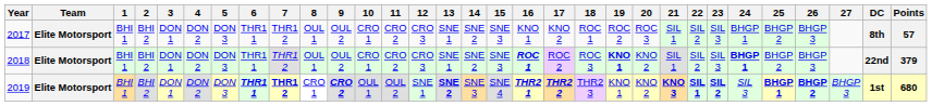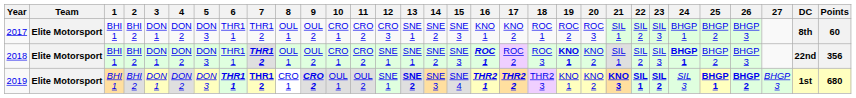 <table class="wikitable" style="text-align:center; font-size:85%">
 <tr>
 <th>Year</th>
 <th>Team</th>
 <th>1</th>
 <th>2</th>
 <th>3</th>
 <th>4</th>
 <th>5</th>
 <th>6</th>
 <th>7</th>
 <th>8</th>
 <th>9</th>
 <th>10</th>
 <th>11</th>
 <th>12</th>
 <th>13</th>
 <th>14</th>
 <th>15</th>
 <th>16</th>
 <th>17</th>
 <th>18</th>
 <th>19</th>
 <th>20</th>
 <th>21</th>
 <th>22</th>
 <th>23</th>
 <th>24</th>
 <th>25</th>
 <th>26</th>
 <th>27</th>
 <th>DC</th>
 <th>Points</th>
 </tr>
 <tr>
 <td><a href='#'>2017</a></td>
 <th nowrap>Elite Motorsport</th>
 <td style="background:#;"><a href='#'>BHI<br>1</a><br></td>
 <td style="background:#;"><a href='#'>BHI<br>2</a><br></td>
 <td style="background:#;"><a href='#'>DON<br>1</a><br></td>
 <td style="background:#;"><a href='#'>DON<br>2</a><br></td>
 <td style="background:#;"><a href='#'>DON<br>3</a><br></td>
 <td style="background:#;"><a href='#'>THR1<br>1</a><br></td>
 <td style="background:#;"><a href='#'>THR1<br>2</a><br></td>
 <td style="background:#;"><a href='#'>OUL<br>1</a><br></td>
 <td style="background:#;"><a href='#'>OUL<br>2</a><br></td>
 <td style="background:#;"><a href='#'>CRO<br>1</a><br></td>
 <td style="background:#;"><a href='#'>CRO<br>2</a><br></td>
 <td style="background:#;"><a href='#'>CRO<br>3</a><br></td>
 <td style="background:#;"><a href='#'>SNE<br>1</a><br></td>
 <td style="background:#;"><a href='#'>SNE<br>2</a><br></td>
 <td style="background:#;"><a href='#'>SNE<br>3</a><br></td>
 <td style="background:#;"><a href='#'>KNO<br>1</a><br></td>
 <td style="background:#;"><a href='#'>KNO<br>2</a><br></td>
 <td style="background:#;"><a href='#'>ROC<br>1</a><br></td>
 <td style="background:#;"><a href='#'>ROC<br>2</a><br></td>
 <td style="background:#;"><a href='#'>ROC<br>3</a><br></td>
 <td style="background:#DFFFDF;"><a href='#'>SIL<br>1</a><br></td>
 <td style="background:#DFFFDF;"><a href='#'>SIL<br>2</a><br></td>
 <td style="background:#DFFFDF;"><a href='#'>SIL<br>3</a><br></td>
 <td style="background:#DFFFDF;"><a href='#'>BHGP<br>1</a><br></td>
 <td style="background:#DFFFDF;"><a href='#'>BHGP<br>2</a><br></td>
 <td style="background:#DFFFDF;"><a href='#'>BHGP<br>3</a><br></td>
 <td></td>
 <th>8th</th>
-<th>57</th>
+<th>60</th>
 </tr>
 <tr>
 <td><a href='#'>2018</a></td>
 <th nowrap>Elite Motorsport</th>
 <td style="background:#DFFFDF;"><a href='#'>BHI<br>1</a><br></td>
 <td style="background:#DFFFDF;"><a href='#'>BHI<br>2</a><br></td>
 <td style="background:#DFFFDF;"><a href='#'>DON<br>1</a><br></td>
 <td style="background:#DFFFDF;"><a href='#'>DON<br>2</a><br></td>
 <td style="background:#DFFFDF;"><a href='#'>DON<br>3</a><br></td>
 <td style="background:#DFFFDF;"><a href='#'>THR1<br>1</a><br></td>
-<td style="background:#DFDFDF;"><em><a href='#'>THR1<br>2</a></em><br></td>
+<td style="background:#DFDFDF;"><strong><em><a href='#'>THR1<br>2</a></em><br></strong></td>
 <td style="background:#DFFFDF;"><a href='#'>OUL<br>1</a><br></td>
 <td style="background:#DFFFDF;"><a href='#'>OUL<br>2</a><br></td>
 <td style="background:#DFFFDF;"><a href='#'>CRO<br>1</a><br></td>
 <td style="background:#DFFFDF;"><a href='#'>CRO<br>2</a><br></td>
-<td style="background:#DFFFDF;"><a href='#'>CRO<br>3</a><br></td>
+<td style="background:#DFFFDF;"><a href='#'>SNE<br>1</a><br></td>
 <td style="background:#DFFFDF;"><a href='#'>SNE<br>1</a><br></td>
 <td style="background:#DFFFDF;"><a href='#'>SNE<br>2</a><br></td>
 <td style="background:#DFFFDF;"><a href='#'>SNE<br>3</a><br></td>
 <td style="background:#DFFFDF;"><strong><em><a href='#'>ROC<br>1</a></em></strong><br></td>
 <td style="background:#EFCFFF;"><a href='#'>ROC<br>2</a><br></td>
 <td style="background:#DFFFDF;"><a href='#'>ROC<br>3</a><br></td>
 <td style="background:#DFFFDF;"><strong><a href='#'>KNO<br>1</a></strong><br></td>
 <td style="background:#DFFFDF;"><a href='#'>KNO<br>2</a><br></td>
 <td style="background:#DFDFDF;"><a href='#'>SIL<br>1</a><br></td>
 <td style="background:#DFFFDF;"><a href='#'>SIL<br>2</a><br></td>
 <td style="background:#DFFFDF;"><a href='#'>SIL<br>3</a><br></td>
 <td style="background:#DFFFDF;"><strong><a href='#'>BHGP<br>1</a></strong><br></td>
 <td style="background:#DFFFDF;"><a href='#'>BHGP<br>2</a><br></td>
 <td style="background:#DFFFDF;"><a href='#'>BHGP<br>3</a><br></td>
 <td></td>
 <th>22nd</th>
-<th>379</th>
+<th>356</th>
 </tr>
 <tr>
 <td id=2019R rowspan=2><a href='#'>2019</a></td>
 <th nowrap>Elite Motorsport</th>
 <td style="background:#FFDF9F;"><em><a href='#'>BHI<br>1</a></em><br></td>
 <td style="background:#DFDFDF;"><em><a href='#'>BHI<br>2</a></em><br></td>
 <td style="background:#FFFFBF;"><em><a href='#'>DON<br>1</a></em><br></td>
 <td style="background:#DFDFDF;"><em><a href='#'>DON<br>2</a></em><br></td>
 <td style="background:#FFFFBF;"><em><a href='#'>DON<br>3</a></em><br></td>
 <td style="background:#DFFFDF;"><strong><em><a href='#'>THR1<br>1</a></em></strong><br></td>
 <td style="background:#FFFFBF;"><strong><a href='#'>THR1<br>2</a></strong><br></td>
 <td style="background:#FFFFFF;"><a href='#'>CRO<br>1</a><br></td>
 <td style="background:#DFDFDF;"><strong><em><a href='#'>CRO<br>2</a></em></strong><br></td>
 <td style="background:#DFDFDF;"><a href='#'>OUL<br>1</a><br></td>
 <td style="background:#DFDFDF;"><a href='#'>OUL<br>2</a><br></td>
 <td style="background:#DFFFDF;"><a href='#'>SNE<br>1</a><br></td>
 <td style="background:#DFDFDF;"><strong><a href='#'>SNE<br>2</a></strong><br></td>
 <td style="background:#FFDF9F;"><a href='#'>SNE<br>3</a><br></td>
 <td style="background:#DFDFDF;"><a href='#'>SNE<br>4</a><br></td>
 <td style="background:#FFFFBF;"><strong><em><a href='#'>THR2<br>1</a></em></strong><br></td>
 <td style="background:#FFDF9F;"><strong><em><a href='#'>THR2<br>2</a></em></strong><br></td>
 <td style="background:#EFCFFF;"><a href='#'>THR2<br>3</a><br></td>
 <td style="background:#FFFFBF;"><a href='#'>KNO<br>1</a><br></td>
 <td style="background:#FFFFBF;"><a href='#'>KNO<br>2</a><br></td>
 <td style="background:#FFDF9F;"><strong><a href='#'>KNO<br>3</a></strong><br></td>
 <td style="background:#DFFFDF;"><strong><a href='#'>SIL<br>1</a></strong><br></td>
 <td style="background:#DFFFDF;"><strong><a href='#'>SIL<br>2</a></strong><br></td>
 <td style="background:#DFFFDF;"><em><a href='#'>SIL<br>3</a></em><br></td>
 <td style="background:#FFFFBF;"><strong><a href='#'>BHGP<br>1</a></strong><br></td>
 <td style="background:#DFFFDF;"><strong><a href='#'>BHGP<br>2</a></strong><br></td>
 <td style="background:#DFFFDF;"><em><a href='#'>BHGP<br>3</a></em><br></td>
 <th style="background:#FFFFBF;">1st</th>
 <th style="background:#FFFFBF;">680</th>
 </tr>
 </table>
